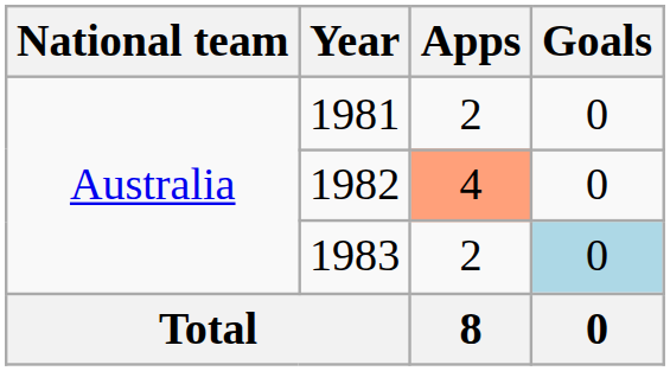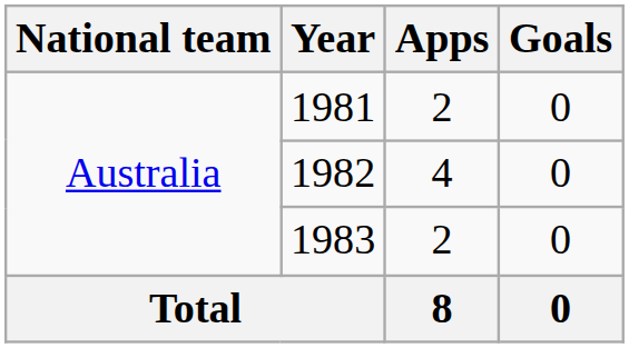 <table class="wikitable" style="text-align:center">
 <tr>
 <th>National team</th>
 <th>Year</th>
 <th>Apps</th>
 <th>Goals</th>
 </tr>
 <tr>
 <td rowspan="3"><a href='#'>Australia</a></td>
 <td>1981</td>
 <td>2</td>
 <td>0</td>
 </tr>
 <tr>
 <td>1982</td>
-<td style="background: lightsalmon;">4</td>
+<td>4</td>
 <td>0</td>
 </tr>
 <tr>
 <td>1983</td>
 <td>2</td>
-<td style="background: lightblue;">0</td>
+<td>0</td>
 </tr>
 <tr>
 <th colspan=2>Total</th>
 <th>8</th>
 <th>0</th>
 </tr>
 </table>
